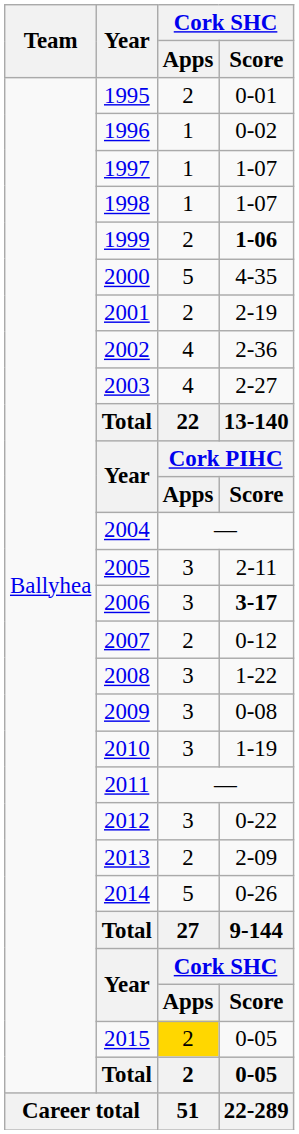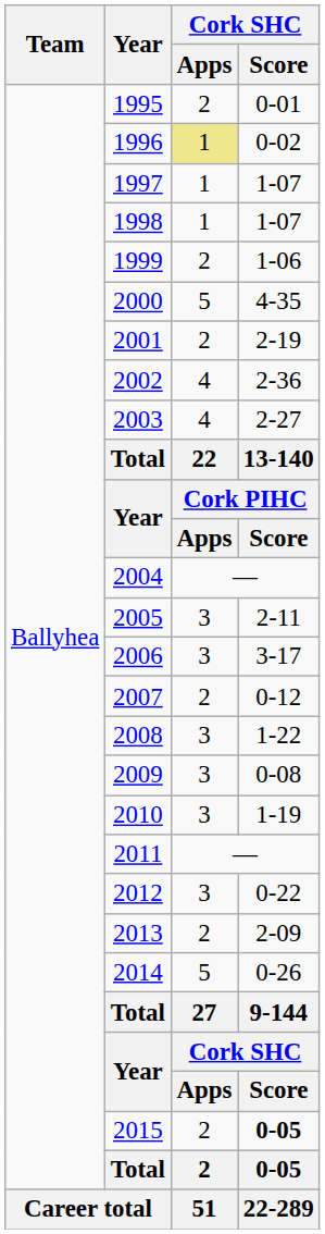 <table class="wikitable" style="text-align:center">
 <tr>
 <th rowspan="2">Team</th>
 <th rowspan="2">Year</th>
 <th colspan="2"><a href='#'>Cork SHC</a></th>
 </tr>
 <tr>
 <th>Apps</th>
 <th>Score</th>
 </tr>
 <tr>
 <td rowspan="28"><a href='#'>Ballyhea</a></td>
 <td><a href='#'>1995</a></td>
 <td>2</td>
 <td>0-01</td>
 </tr>
 <tr>
 <td><a href='#'>1996</a></td>
-<td>1</td>
+<td style="background: khaki;">1</td>
 <td>0-02</td>
 </tr>
 <tr>
 <td><a href='#'>1997</a></td>
 <td>1</td>
 <td>1-07</td>
 </tr>
 <tr>
 <td><a href='#'>1998</a></td>
 <td>1</td>
 <td>1-07</td>
 </tr>
 <tr>
 <td><a href='#'>1999</a></td>
 <td>2</td>
-<td><strong>1-06</strong></td>
+<td>1-06</td>
 </tr>
 <tr>
 <td><a href='#'>2000</a></td>
 <td>5</td>
 <td>4-35</td>
 </tr>
 <tr>
 <td><a href='#'>2001</a></td>
 <td>2</td>
 <td>2-19</td>
 </tr>
 <tr>
 <td><a href='#'>2002</a></td>
 <td>4</td>
 <td>2-36</td>
 </tr>
 <tr>
 <td><a href='#'>2003</a></td>
 <td>4</td>
 <td>2-27</td>
 </tr>
 <tr>
 <th>Total</th>
 <th>22</th>
 <th>13-140</th>
 </tr>
 <tr>
 <th rowspan=2>Year</th>
 <th colspan=2><a href='#'>Cork PIHC</a></th>
 </tr>
 <tr>
 <th>Apps</th>
 <th>Score</th>
 </tr>
 <tr>
 <td><a href='#'>2004</a></td>
 <td colspan=2>—</td>
 </tr>
 <tr>
 <td><a href='#'>2005</a></td>
 <td>3</td>
 <td>2-11</td>
 </tr>
 <tr>
 <td><a href='#'>2006</a></td>
 <td>3</td>
-<td><strong>3-17</strong></td>
+<td>3-17</td>
 </tr>
 <tr>
 <td><a href='#'>2007</a></td>
 <td>2</td>
 <td>0-12</td>
 </tr>
 <tr>
 <td><a href='#'>2008</a></td>
 <td>3</td>
 <td>1-22</td>
 </tr>
 <tr>
 <td><a href='#'>2009</a></td>
 <td>3</td>
 <td>0-08</td>
 </tr>
 <tr>
 <td><a href='#'>2010</a></td>
 <td>3</td>
 <td>1-19</td>
 </tr>
 <tr>
 <td><a href='#'>2011</a></td>
 <td colspan=2>—</td>
 </tr>
 <tr>
 <td><a href='#'>2012</a></td>
 <td>3</td>
 <td>0-22</td>
 </tr>
 <tr>
 <td><a href='#'>2013</a></td>
 <td>2</td>
 <td>2-09</td>
 </tr>
 <tr>
 <td><a href='#'>2014</a></td>
 <td>5</td>
 <td>0-26</td>
 </tr>
 <tr>
 <th>Total</th>
 <th>27</th>
 <th>9-144</th>
 </tr>
 <tr>
 <th rowspan=2>Year</th>
 <th colspan=2><a href='#'>Cork SHC</a></th>
 </tr>
 <tr>
 <th>Apps</th>
 <th>Score</th>
 </tr>
 <tr>
 <td><a href='#'>2015</a></td>
-<td style="background: gold;">2</td>
-<td>0-05</td>
+<td>2</td>
+<td><strong>0-05</strong></td>
 </tr>
 <tr>
 <th>Total</th>
 <th>2</th>
 <th>0-05</th>
 </tr>
 <tr>
 <th colspan="2">Career total</th>
 <th>51</th>
 <th>22-289</th>
 </tr>
 </table>
